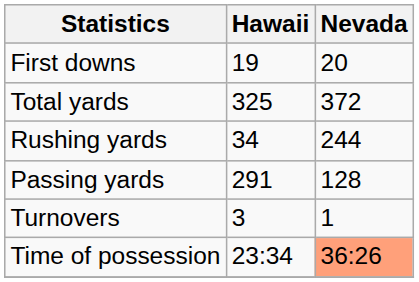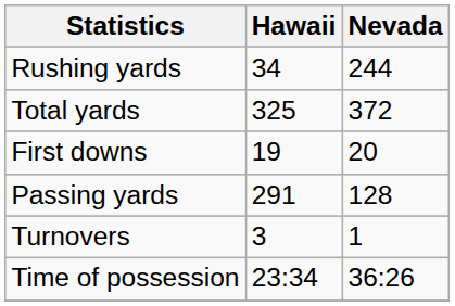 <table class="wikitable">
 <tr>
 <th>Statistics</th>
 <th>Hawaii</th>
 <th>Nevada</th>
 </tr>
 <tr>
-<td>First downs</td>
-<td>19</td>
-<td>20</td>
+<td>Rushing yards</td>
+<td>34</td>
+<td>244</td>
 </tr>
 <tr>
 <td>Total yards</td>
 <td>325</td>
 <td>372</td>
 </tr>
 <tr>
-<td>Rushing yards</td>
-<td>34</td>
-<td>244</td>
+<td>First downs</td>
+<td>19</td>
+<td>20</td>
 </tr>
 <tr>
 <td>Passing yards</td>
 <td>291</td>
 <td>128</td>
 </tr>
 <tr>
 <td>Turnovers</td>
 <td>3</td>
 <td>1</td>
 </tr>
 <tr>
 <td>Time of possession</td>
 <td>23:34</td>
-<td style="background: lightsalmon;">36:26</td>
+<td>36:26</td>
 </tr>
 <tr>
 </tr>
 </table>
